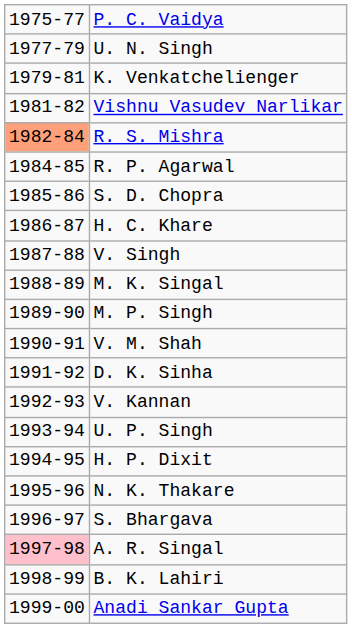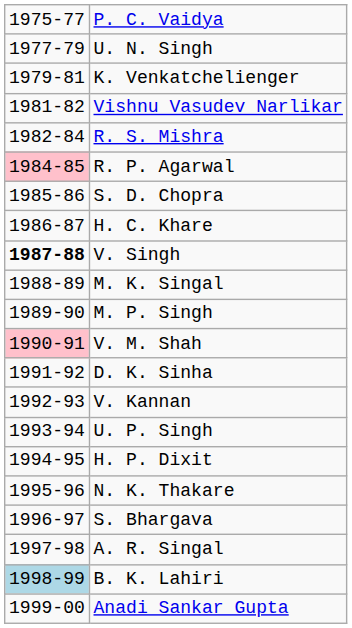 <table class="wikitable">
 <tr>
 <td>1975-77</td>
 <td><a href='#'>P. C. Vaidya</a></td>
 </tr>
 <tr>
 <td>1977-79</td>
 <td>U. N. Singh</td>
 </tr>
 <tr>
 <td>1979-81</td>
 <td>K. Venkatchelienger</td>
 </tr>
 <tr>
 <td>1981-82</td>
 <td><a href='#'>Vishnu Vasudev Narlikar</a></td>
 </tr>
 <tr>
-<td style="background: lightsalmon;">1982-84</td>
+<td>1982-84</td>
 <td><a href='#'>R. S. Mishra</a></td>
 </tr>
 <tr>
-<td>1984-85</td>
+<td style="background: pink;">1984-85</td>
 <td>R. P. Agarwal</td>
 </tr>
 <tr>
 <td>1985-86</td>
 <td>S. D. Chopra</td>
 </tr>
 <tr>
 <td>1986-87</td>
 <td>H. C. Khare</td>
 </tr>
 <tr>
-<td>1987-88</td>
+<td><strong>1987-88</strong></td>
 <td>V. Singh</td>
 </tr>
 <tr>
 <td>1988-89</td>
 <td>M. K. Singal</td>
 </tr>
 <tr>
 <td>1989-90</td>
 <td>M. P. Singh</td>
 </tr>
 <tr>
-<td>1990-91</td>
+<td style="background: pink;">1990-91</td>
 <td>V. M. Shah</td>
 </tr>
 <tr>
 <td>1991-92</td>
 <td>D. K. Sinha</td>
 </tr>
 <tr>
 <td>1992-93</td>
 <td>V. Kannan</td>
 </tr>
 <tr>
 <td>1993-94</td>
 <td>U. P. Singh</td>
 </tr>
 <tr>
 <td>1994-95</td>
 <td>H. P. Dixit</td>
 </tr>
 <tr>
 <td>1995-96</td>
 <td>N. K. Thakare</td>
 </tr>
 <tr>
 <td>1996-97</td>
 <td>S. Bhargava</td>
 </tr>
 <tr>
-<td style="background: pink;">1997-98</td>
+<td>1997-98</td>
 <td>A. R. Singal</td>
 </tr>
 <tr>
-<td>1998-99</td>
+<td style="background: lightblue;">1998-99</td>
 <td>B. K. Lahiri</td>
 </tr>
 <tr>
 <td>1999-00</td>
 <td><a href='#'>Anadi Sankar Gupta</a></td>
 </tr>
 </table>
